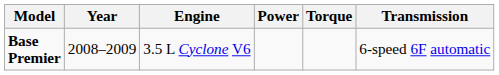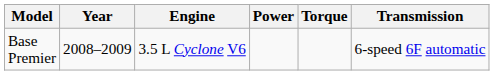 <table class=wikitable>
 <tr>
 <th>Model</th>
 <th>Year</th>
 <th>Engine</th>
 <th>Power</th>
 <th>Torque</th>
 <th>Transmission</th>
 </tr>
 <tr>
-<td><strong>Base<br>Premier</strong></td>
+<td>Base<br>Premier</td>
 <td rowspan=3>2008–2009</td>
 <td rowspan=3>3.5 L <em><a href='#'>Cyclone</a></em> <a href='#'>V6</a></td>
 <td rowspan=3></td>
 <td rowspan="3"></td>
 <td rowspan="3">6-speed <a href='#'>6F</a> <a href='#'>automatic</a></td>
 </tr>
 </table>
